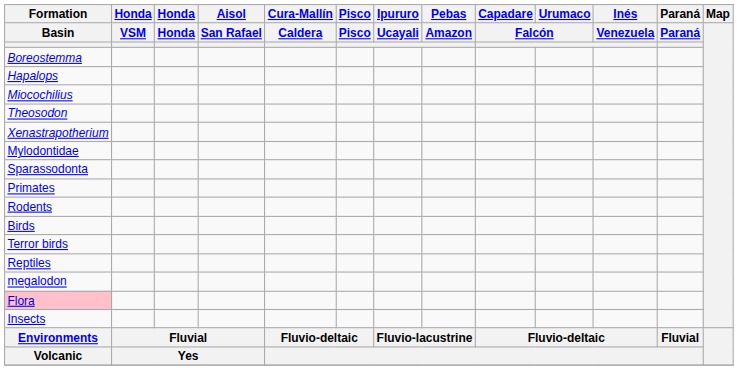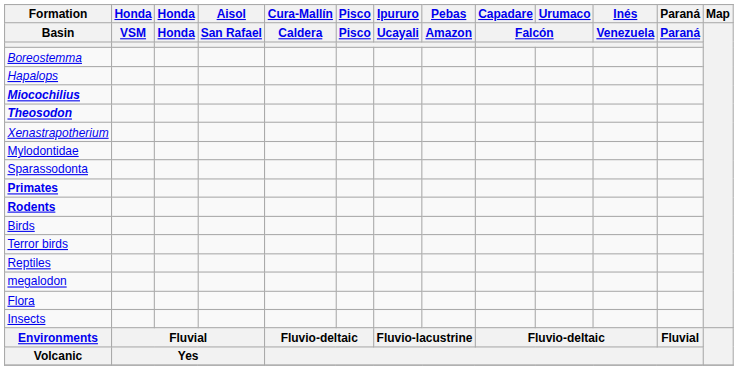 <table class="wikitable" style="font-size: 70%">
 <tr>
 <th>Formation</th>
 <th><a href='#'>Honda</a></th>
 <th><a href='#'>Honda</a></th>
 <th><a href='#'>Aisol</a></th>
 <th><a href='#'>Cura-Mallín</a></th>
 <th><a href='#'>Pisco</a></th>
 <th><a href='#'>Ipururo</a></th>
 <th><a href='#'>Pebas</a></th>
 <th><a href='#'>Capadare</a></th>
 <th><a href='#'>Urumaco</a></th>
 <th><a href='#'>Inés</a></th>
 <th>Paraná</th>
 <th>Map</th>
 </tr>
 <tr>
 <th>Basin</th>
 <th><a href='#'>VSM</a></th>
 <th><a href='#'>Honda</a></th>
 <th><a href='#'>San Rafael</a></th>
 <th><a href='#'>Caldera</a></th>
 <th><a href='#'>Pisco</a></th>
 <th><a href='#'>Ucayali</a></th>
 <th><a href='#'>Amazon</a></th>
 <th colspan=2><a href='#'>Falcón</a></th>
 <th><a href='#'>Venezuela</a></th>
 <th><a href='#'>Paraná</a></th>
 <th align=center rowspan=17></th>
 </tr>
 <tr>
 <th></th>
 <th></th>
 <th></th>
 <th></th>
 <th></th>
 <th colspan=3></th>
 <th colspan=3></th>
 <th></th>
 </tr>
 <tr>
 <td><em><a href='#'>Boreostemma</a></em></td>
 <td align=center></td>
 <td align=center></td>
 <td align=center></td>
 <td align=center></td>
 <td align=center></td>
 <td align=center></td>
 <td align=center></td>
 <td align=center></td>
 <td align=center></td>
 <td align=center></td>
 <td></td>
 </tr>
 <tr>
 <td><em><a href='#'>Hapalops</a></em></td>
 <td align=center></td>
 <td align=center></td>
 <td align=center></td>
 <td align=center></td>
 <td align=center></td>
 <td align=center></td>
 <td align=center></td>
 <td align=center></td>
 <td align=center></td>
 <td align=center></td>
 <td></td>
 </tr>
 <tr>
-<td><em><a href='#'>Miocochilius</a></em></td>
+<td><strong><em><a href='#'>Miocochilius</a></em></strong></td>
 <td align=center></td>
 <td align=center></td>
 <td align=center></td>
 <td align=center></td>
 <td align=center></td>
 <td align=center></td>
 <td align=center></td>
 <td align=center></td>
 <td align=center></td>
 <td align=center></td>
 <td></td>
 </tr>
 <tr>
-<td><em><a href='#'>Theosodon</a></em></td>
+<td><strong><em><a href='#'>Theosodon</a></em></strong></td>
 <td align=center></td>
 <td align=center></td>
 <td align=center></td>
 <td align=center></td>
 <td align=center></td>
 <td align=center></td>
 <td align=center></td>
 <td align=center></td>
 <td align=center></td>
 <td align=center></td>
 <td></td>
 </tr>
 <tr>
 <td><em><a href='#'>Xenastrapotherium</a></em></td>
 <td align=center></td>
 <td align=center></td>
 <td align=center></td>
 <td align=center></td>
 <td align=center></td>
 <td align=center></td>
 <td align=center></td>
 <td align=center></td>
 <td align=center></td>
 <td align=center></td>
 <td></td>
 </tr>
 <tr>
 <td><a href='#'>Mylodontidae</a></td>
 <td align=center></td>
 <td align=center></td>
 <td align=center></td>
 <td align=center></td>
 <td align=center></td>
 <td align=center></td>
 <td align=center></td>
 <td align=center></td>
 <td align=center></td>
 <td align=center></td>
 <td></td>
 </tr>
 <tr>
 <td><a href='#'>Sparassodonta</a></td>
 <td align=center></td>
 <td align=center></td>
 <td align=center></td>
 <td align=center></td>
 <td align=center></td>
 <td align=center></td>
 <td align=center></td>
 <td align=center></td>
 <td align=center></td>
 <td align=center></td>
 <td></td>
 </tr>
 <tr>
-<td><a href='#'>Primates</a></td>
+<td><strong><a href='#'>Primates</a></strong></td>
 <td align=center></td>
 <td align=center></td>
 <td align=center></td>
 <td align=center></td>
 <td align=center></td>
 <td align=center></td>
 <td align=center></td>
 <td align=center></td>
 <td align=center></td>
 <td align=center></td>
 <td align=center></td>
 </tr>
 <tr>
-<td><a href='#'>Rodents</a></td>
+<td><strong><a href='#'>Rodents</a></strong></td>
 <td align=center></td>
 <td align=center></td>
 <td align=center></td>
 <td align=center></td>
 <td align=center></td>
 <td align=center></td>
 <td align=center></td>
 <td align=center></td>
 <td align=center></td>
 <td align=center></td>
 <td align=center></td>
 </tr>
 <tr>
 <td><a href='#'>Birds</a></td>
 <td align=center></td>
 <td align=center></td>
 <td align=center></td>
 <td align=center></td>
 <td align=center></td>
 <td align=center></td>
 <td align=center></td>
 <td align=center></td>
 <td align=center></td>
 <td align=center></td>
 <td></td>
 </tr>
 <tr>
 <td><a href='#'>Terror birds</a></td>
 <td align=center></td>
 <td align=center></td>
 <td align=center></td>
 <td align=center></td>
 <td align=center></td>
 <td align=center></td>
 <td align=center></td>
 <td align=center></td>
 <td align=center></td>
 <td align=center></td>
 <td align=center></td>
 </tr>
 <tr>
 <td><a href='#'>Reptiles</a></td>
 <td align=center></td>
 <td align=center></td>
 <td align=center></td>
 <td align=center></td>
 <td align=center></td>
 <td align=center></td>
 <td align=center></td>
 <td align=center></td>
 <td align=center></td>
 <td align=center></td>
 <td align=center></td>
 </tr>
 <tr>
 <td><a href='#'>megalodon</a></td>
 <td align=center></td>
 <td align=center></td>
 <td align=center></td>
 <td align=center></td>
 <td align=center></td>
 <td align=center></td>
 <td align=center></td>
 <td align=center></td>
 <td align=center></td>
 <td align=center></td>
 <td align=center></td>
 </tr>
 <tr>
-<td style="background: pink;"><a href='#'>Flora</a></td>
+<td><a href='#'>Flora</a></td>
 <td align=center></td>
 <td align=center></td>
 <td align=center></td>
 <td align=center></td>
 <td align=center></td>
 <td align=center></td>
 <td align=center></td>
 <td align=center></td>
 <td align=center></td>
 <td align=center></td>
 <td align=center></td>
 </tr>
 <tr>
 <td><a href='#'>Insects</a></td>
 <td align=center></td>
 <td align=center></td>
 <td align=center></td>
 <td align=center></td>
 <td align=center></td>
 <td align=center></td>
 <td align=center></td>
 <td align=center></td>
 <td align=center></td>
 <td align=center></td>
 <td align=center></td>
 </tr>
 <tr>
 <th><a href='#'>Environments</a></th>
 <th colspan=3>Fluvial</th>
 <th colspan=2>Fluvio-deltaic</th>
 <th colspan=2>Fluvio-lacustrine</th>
 <th colspan=3>Fluvio-deltaic</th>
 <th>Fluvial</th>
 <th rowspan=2 align=left><br><br></th>
 </tr>
 <tr>
 <th>Volcanic</th>
 <th colspan=3>Yes</th>
 <th colspan=8></th>
 </tr>
 <tr>
 </tr>
 </table>
